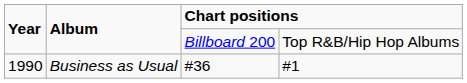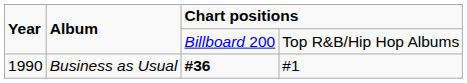 <table class="wikitable">
 <tr>
 <td rowspan="2"><strong>Year</strong></td>
 <td rowspan="2"><strong>Album</strong></td>
 <td colspan="3"><strong>Chart positions</strong></td>
 </tr>
 <tr>
 <td><a href='#'><em>Billboard</em> 200</a></td>
 <td>Top R&B/Hip Hop Albums</td>
 </tr>
 <tr>
 <td>1990</td>
 <td><em>Business as Usual</em></td>
-<td>#36</td>
+<td><strong>#36</strong></td>
 <td>#1</td>
 </tr>
 </table>
